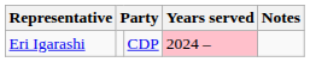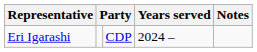 <table class="wikitable">
 <tr>
 <th>Representative</th>
 <th colspan="2">Party</th>
 <th>Years served</th>
 <th>Notes</th>
 </tr>
 <tr>
 <td><a href='#'>Eri Igarashi</a></td>
 <td bgcolor=></td>
 <td><a href='#'>CDP</a></td>
-<td style="background: pink;">2024 –</td>
+<td>2024 –</td>
 <td></td>
 </tr>
 </table>
